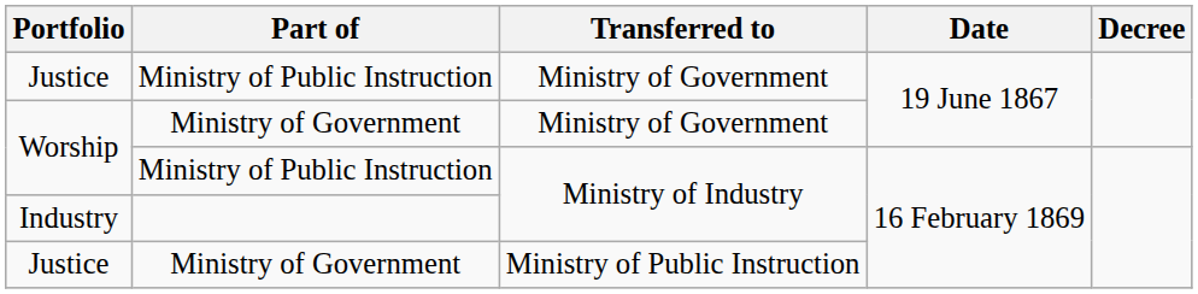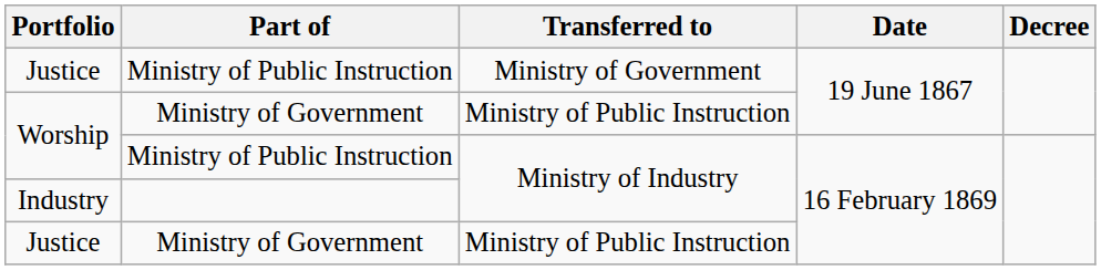 <table class="wikitable" style="text-align:center;">
 <tr>
 <th>Portfolio</th>
 <th>Part of</th>
 <th>Transferred to</th>
 <th>Date</th>
 <th>Decree</th>
 </tr>
 <tr>
 <td>Justice</td>
 <td>Ministry of Public Instruction</td>
 <td>Ministry of Government</td>
 <td rowspan=2>19 June 1867</td>
 <td rowspan=2></td>
 </tr>
 <tr>
 <td rowspan=2>Worship</td>
 <td>Ministry of Government</td>
-<td>Ministry of Government</td>
+<td>Ministry of Public Instruction</td>
 </tr>
 <tr>
 <td>Ministry of Public Instruction</td>
 <td rowspan=2>Ministry of Industry</td>
 <td rowspan=3>16 February 1869</td>
 <td rowspan=3></td>
 </tr>
 <tr>
 <td>Industry</td>
 <td></td>
 </tr>
 <tr>
 <td>Justice</td>
 <td>Ministry of Government</td>
 <td>Ministry of Public Instruction</td>
 </tr>
 </table>
